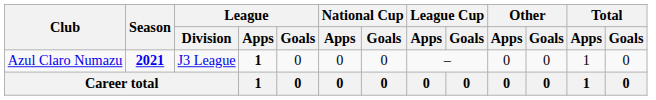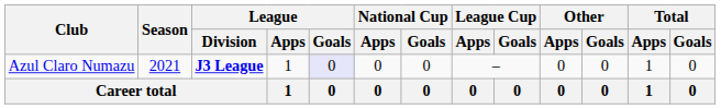 <table class="wikitable" style="text-align: center">
 <tr>
 <th rowspan="2">Club</th>
 <th rowspan="2">Season</th>
 <th colspan="3">League</th>
 <th colspan="2">National Cup</th>
 <th colspan="2">League Cup</th>
 <th colspan="2">Other</th>
 <th colspan="2">Total</th>
 </tr>
 <tr>
 <th>Division</th>
 <th>Apps</th>
 <th>Goals</th>
 <th>Apps</th>
 <th>Goals</th>
 <th>Apps</th>
 <th>Goals</th>
 <th>Apps</th>
 <th>Goals</th>
 <th>Apps</th>
 <th>Goals</th>
 </tr>
 <tr>
 <td><a href='#'>Azul Claro Numazu</a></td>
-<td><strong><a href='#'>2021</a></strong></td>
-<td><a href='#'>J3 League</a></td>
-<td><strong>1</strong></td>
-<td>0</td>
+<td><a href='#'>2021</a></td>
+<td><strong><a href='#'>J3 League</a></strong></td>
+<td>1</td>
+<td style="background: lavender;">0</td>
 <td>0</td>
 <td>0</td>
 <td colspan="2">–</td>
 <td>0</td>
 <td>0</td>
 <td>1</td>
 <td>0</td>
 </tr>
 <tr>
 <th colspan=3>Career total</th>
 <th>1</th>
 <th>0</th>
 <th>0</th>
 <th>0</th>
 <th>0</th>
 <th>0</th>
 <th>0</th>
 <th>0</th>
 <th>1</th>
 <th>0</th>
 </tr>
 </table>
